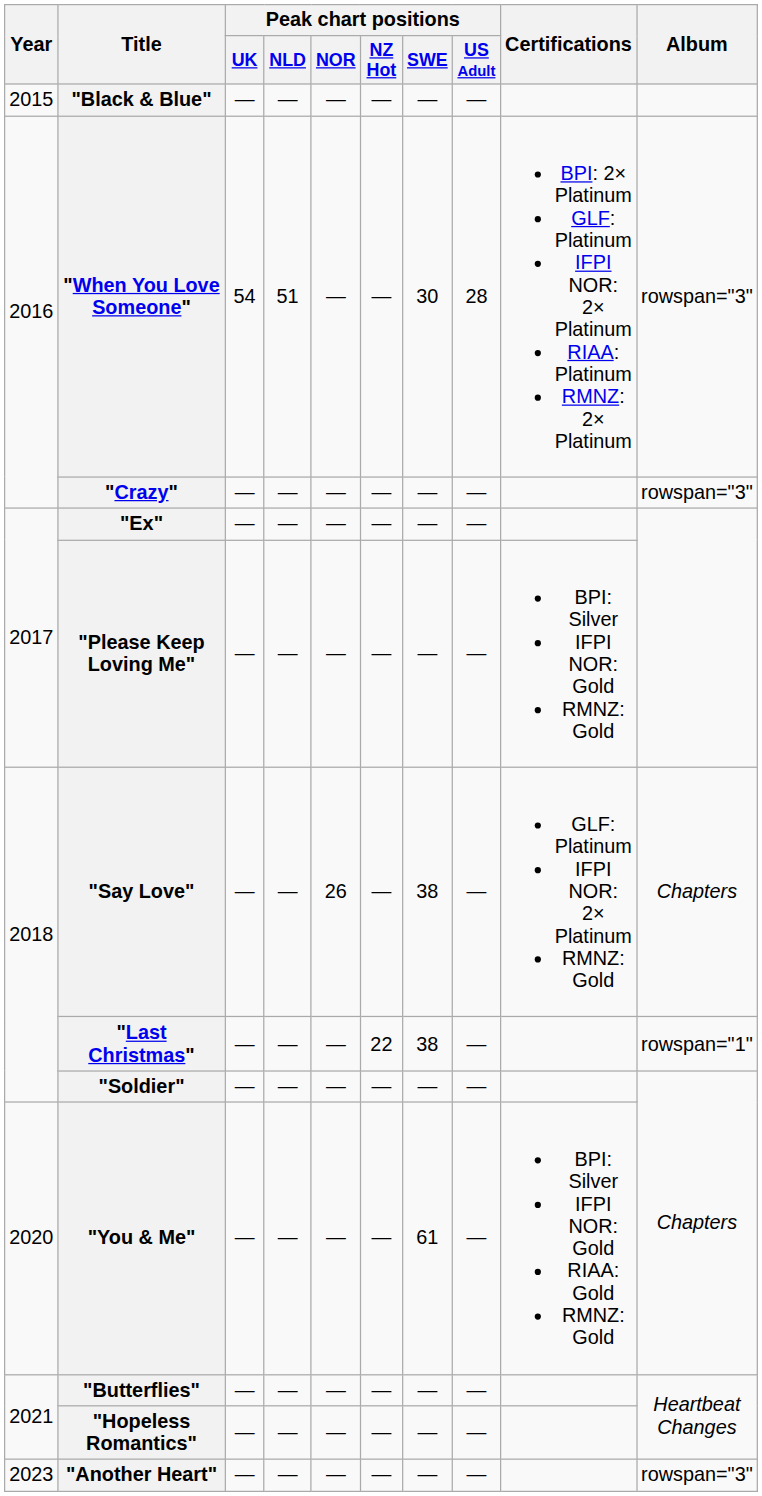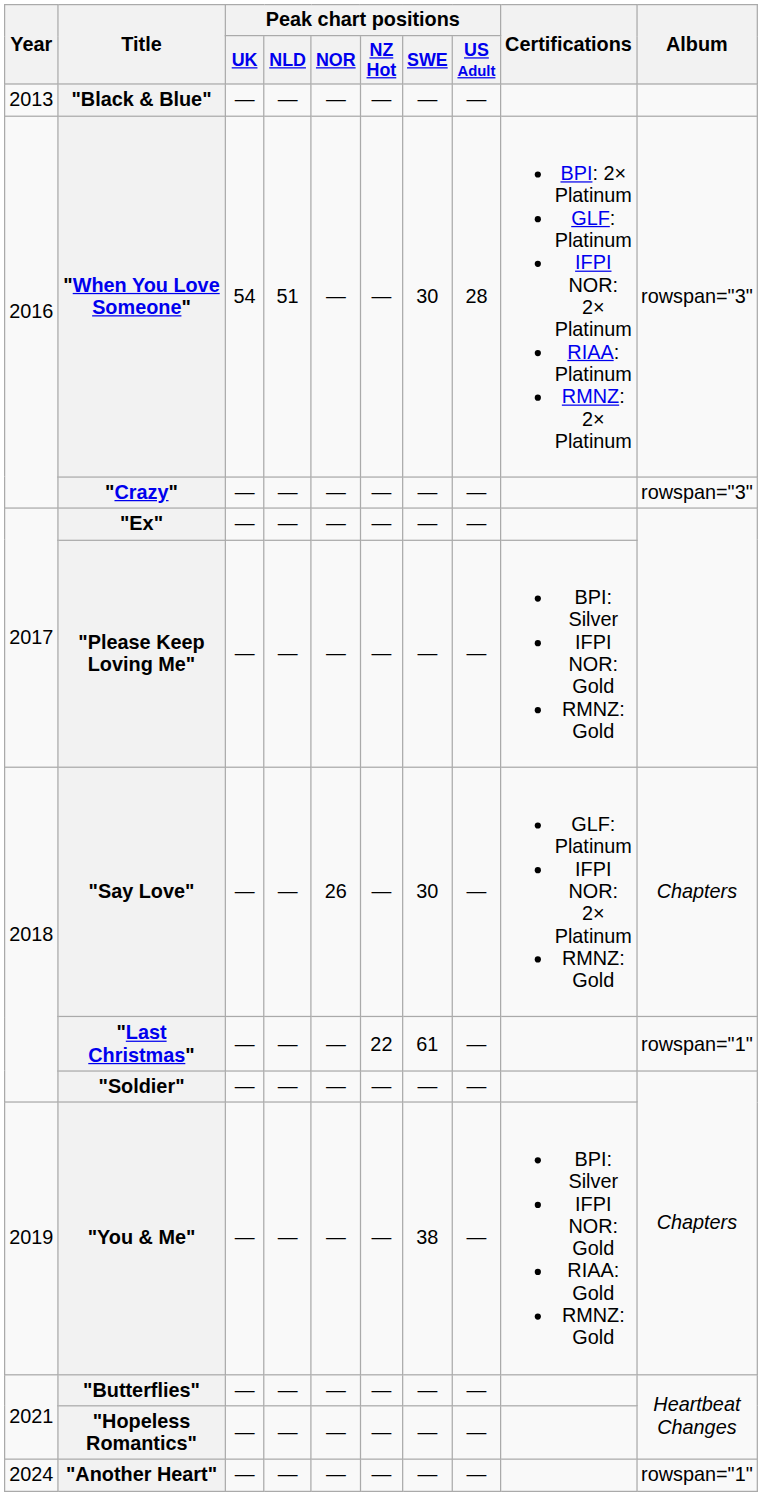 <table class="wikitable plainrowheaders" style="text-align:center;">
 <tr>
 <th scope="col" rowspan="2" style="width:1em;">Year</th>
 <th scope="col" rowspan="2" style="width:14em;">Title</th>
 <th scope="col" colspan="6">Peak chart positions</th>
 <th scope="col" rowspan="2">Certifications</th>
 <th scope="col" rowspan="2">Album</th>
 </tr>
 <tr>
 <th scope="col" style="width:2.5em;font-size:90%;"><a href='#'>UK</a><br></th>
 <th scope="col" style="width:2.5em;font-size:90%;"><a href='#'>NLD</a><br></th>
 <th scope="col" style="width:2.5em;font-size:90%;"><a href='#'>NOR</a><br></th>
 <th scope="col" style="width:2.5em;font-size:90%;"><a href='#'>NZ<br>Hot</a><br></th>
 <th scope="col" style="width:2.5em;font-size:90%;"><a href='#'>SWE</a><br></th>
 <th scope="col" style="width:2.5em;font-size:90%;"><a href='#'>US<br><small>Adult</small></a></th>
 </tr>
 <tr>
-<td>2015</td>
+<td>2013</td>
 <th scope="row">"Black & Blue"</th>
 <td>—</td>
 <td>—</td>
 <td>—</td>
 <td>—</td>
 <td>—</td>
 <td>—</td>
 <td></td>
 <td></td>
 </tr>
 <tr>
 <td rowspan="2">2016</td>
 <th scope="row">"<a href='#'>When You Love Someone</a>"</th>
 <td>54</td>
 <td>51</td>
 <td>—</td>
 <td>—</td>
 <td>30</td>
 <td>28</td>
 <td><br><ul><li><a href='#'>BPI</a>: 2× Platinum</li><li><a href='#'>GLF</a>: Platinum</li><li><a href='#'>IFPI</a> NOR: 2× Platinum</li><li><a href='#'>RIAA</a>: Platinum</li><li><a href='#'>RMNZ</a>:  2× Platinum</li></ul></td>
 <td>rowspan="3" </td>
 </tr>
 <tr>
 <th scope="row">"<a href='#'>Crazy</a>"</th>
 <td>—</td>
 <td>—</td>
 <td>—</td>
 <td>—</td>
 <td>—</td>
 <td>—</td>
 <td></td>
 <td>rowspan="3" </td>
 </tr>
 <tr>
 <td rowspan="2">2017</td>
 <th scope="row">"Ex"</th>
 <td>—</td>
 <td>—</td>
 <td>—</td>
 <td>—</td>
 <td>—</td>
 <td>—</td>
 <td></td>
 </tr>
 <tr>
 <th scope="row">"Please Keep Loving Me"</th>
 <td>—</td>
 <td>—</td>
 <td>—</td>
 <td>—</td>
 <td>—</td>
 <td>—</td>
 <td><br><ul><li>BPI: Silver</li><li>IFPI NOR: Gold</li><li>RMNZ: Gold</li></ul></td>
 </tr>
 <tr>
 <td rowspan="3">2018</td>
 <th scope="row">"Say Love"</th>
 <td>—</td>
 <td>—</td>
 <td>26</td>
 <td>—</td>
-<td>38</td>
+<td>30</td>
 <td>—</td>
 <td><br><ul><li>GLF: Platinum</li><li>IFPI NOR: 2× Platinum</li><li>RMNZ: Gold</li></ul></td>
 <td rowspan="1"><em>Chapters</em></td>
 </tr>
 <tr>
 <th scope="row">"<a href='#'>Last Christmas</a>"</th>
 <td>—</td>
 <td>—</td>
 <td>—</td>
 <td>22</td>
-<td>38</td>
+<td>61</td>
 <td>—</td>
 <td></td>
 <td>rowspan="1" </td>
 </tr>
 <tr>
 <th scope="row">"Soldier"</th>
 <td>—</td>
 <td>—</td>
 <td>—</td>
 <td>—</td>
 <td>—</td>
 <td>—</td>
 <td></td>
 <td rowspan="2"><em>Chapters</em></td>
 </tr>
 <tr>
-<td>2020</td>
+<td>2019</td>
 <th scope="row">"You & Me"</th>
 <td>—</td>
 <td>—</td>
 <td>—</td>
 <td>—</td>
-<td>61</td>
+<td>38</td>
 <td>—</td>
 <td><br><ul><li>BPI: Silver</li><li>IFPI NOR: Gold</li><li>RIAA: Gold</li><li>RMNZ: Gold</li></ul></td>
 </tr>
 <tr>
 <td rowspan="2">2021</td>
 <th scope="row">"Butterflies"</th>
 <td>—</td>
 <td>—</td>
 <td>—</td>
 <td>—</td>
 <td>—</td>
 <td>—</td>
 <td></td>
 <td rowspan="2"><em>Heartbeat Changes</em></td>
 </tr>
 <tr>
 <th scope="row">"Hopeless Romantics"</th>
 <td>—</td>
 <td>—</td>
 <td>—</td>
 <td>—</td>
 <td>—</td>
 <td>—</td>
 <td></td>
 </tr>
 <tr>
-<td>2023</td>
+<td>2024</td>
 <th scope="row">"Another Heart"</th>
 <td>—</td>
 <td>—</td>
 <td>—</td>
 <td>—</td>
 <td>—</td>
 <td>—</td>
 <td></td>
-<td>rowspan="3" </td>
+<td>rowspan="1" </td>
 </tr>
 </table>
